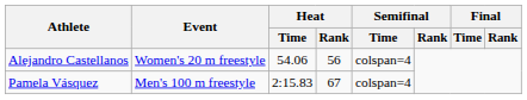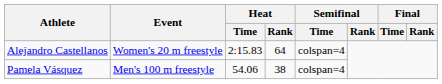 <table class=wikitable style=font-size:90%;text-align:center>
 <tr>
 <th rowspan=2>Athlete</th>
 <th rowspan=2>Event</th>
 <th colspan=2>Heat</th>
 <th colspan=2>Semifinal</th>
 <th colspan=2>Final</th>
 </tr>
 <tr style=font-size:95%>
 <th>Time</th>
 <th>Rank</th>
 <th>Time</th>
 <th>Rank</th>
 <th>Time</th>
 <th>Rank</th>
 </tr>
 <tr>
 <td align=left><a href='#'>Alejandro Castellanos</a></td>
 <td align=left><a href='#'>Women's 20 m freestyle</a></td>
-<td>54.06</td>
-<td>56</td>
+<td>2:15.83</td>
+<td>64</td>
 <td>colspan=4 </td>
 </tr>
 <tr>
 <td align=left><a href='#'>Pamela Vásquez</a></td>
 <td align=left><a href='#'>Men's 100 m freestyle</a></td>
-<td>2:15.83</td>
-<td>67</td>
+<td>54.06</td>
+<td>38</td>
 <td>colspan=4 </td>
 </tr>
 </table>
